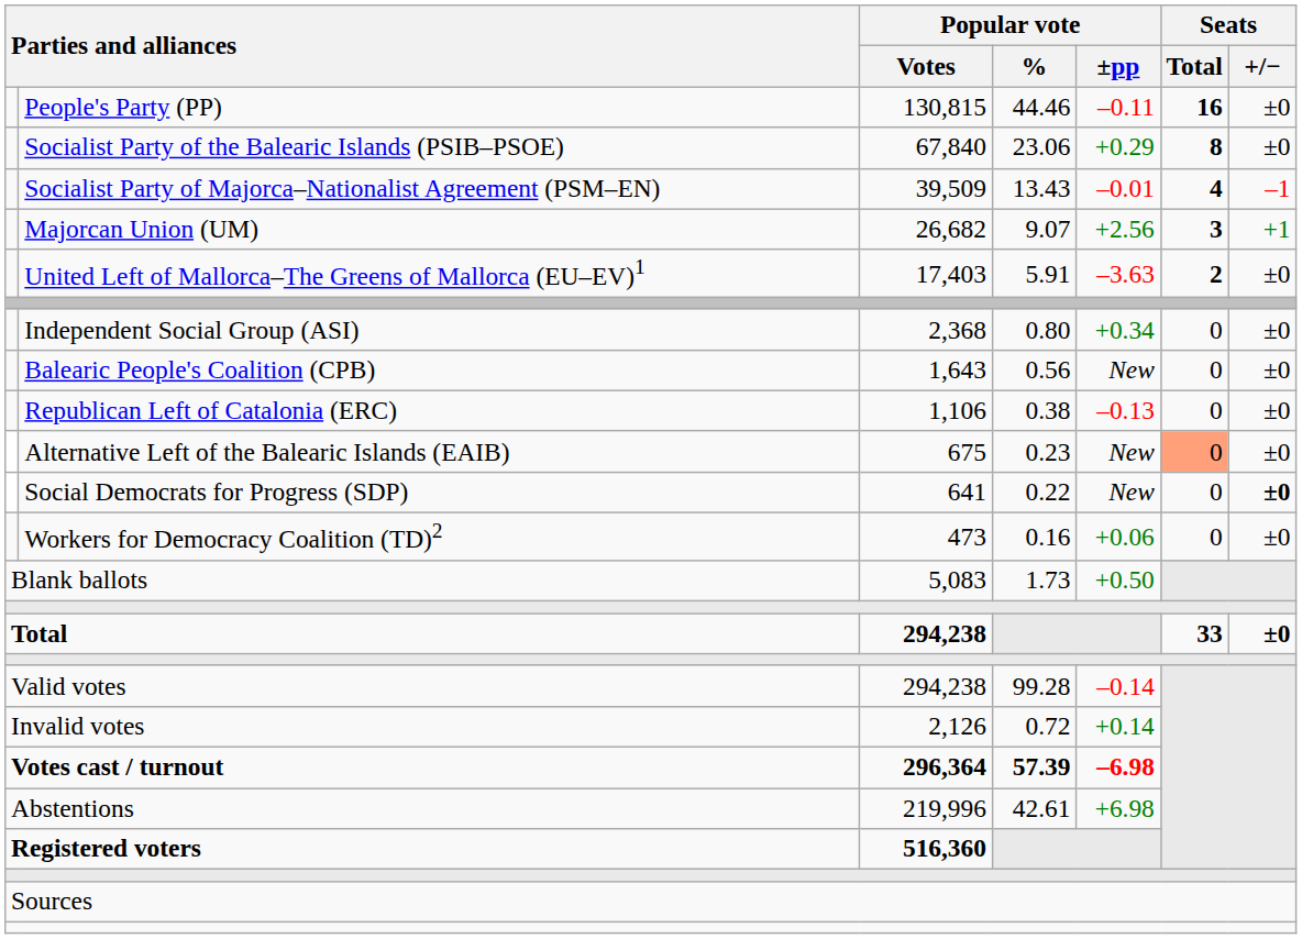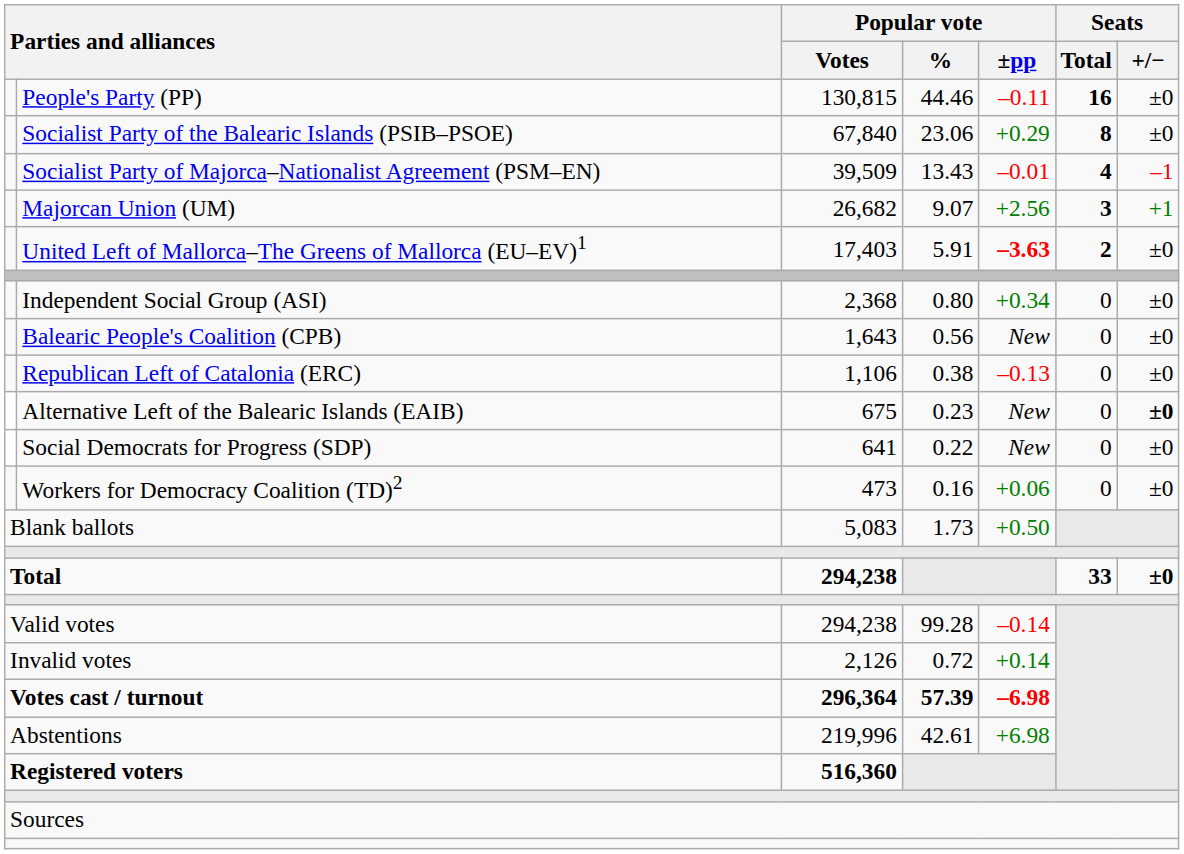 <table class="wikitable" style="text-align:right;">
 <tr>
 <th style="text-align:left;" rowspan="2" colspan="2" width="525">Parties and alliances</th>
 <th colspan="3">Popular vote</th>
 <th colspan="2">Seats</th>
 </tr>
 <tr>
 <th width="75">Votes</th>
 <th width="45">%</th>
 <th width="45">±<a href='#'>pp</a></th>
 <th width="35">Total</th>
 <th width="35">+/−</th>
 </tr>
 <tr>
 <td width="1" style="color:inherit;background:"></td>
 <td align="left"><a href='#'>People's Party</a> (PP)</td>
 <td>130,815</td>
 <td>44.46</td>
 <td style="color:red;">–0.11</td>
 <td><strong>16</strong></td>
 <td>±0</td>
 </tr>
 <tr>
 <td style="color:inherit;background:"></td>
 <td align="left"><a href='#'>Socialist Party of the Balearic Islands</a> (PSIB–PSOE)</td>
 <td>67,840</td>
 <td>23.06</td>
 <td style="color:green;">+0.29</td>
 <td><strong>8</strong></td>
 <td>±0</td>
 </tr>
 <tr>
 <td style="color:inherit;background:"></td>
 <td align="left"><a href='#'>Socialist Party of Majorca</a>–<a href='#'>Nationalist Agreement</a> (PSM–EN)</td>
 <td>39,509</td>
 <td>13.43</td>
 <td style="color:red;">–0.01</td>
 <td><strong>4</strong></td>
 <td style="color:red;">–1</td>
 </tr>
 <tr>
 <td style="color:inherit;background:"></td>
 <td align="left"><a href='#'>Majorcan Union</a> (UM)</td>
 <td>26,682</td>
 <td>9.07</td>
 <td style="color:green;">+2.56</td>
 <td><strong>3</strong></td>
 <td style="color:green;">+1</td>
 </tr>
 <tr>
 <td style="color:inherit;background:"></td>
 <td align="left"><a href='#'>United Left of Mallorca</a>–<a href='#'>The Greens of Mallorca</a> (EU–EV)<sup>1</sup></td>
 <td>17,403</td>
 <td>5.91</td>
-<td style="color:red;">–3.63</td>
+<td style="color:red;"><strong>–3.63</strong></td>
 <td><strong>2</strong></td>
 <td>±0</td>
 </tr>
 <tr>
 <td colspan="7" bgcolor="#C0C0C0"></td>
 </tr>
 <tr>
 <td style="color:inherit;background:"></td>
 <td align="left">Independent Social Group (ASI)</td>
 <td>2,368</td>
 <td>0.80</td>
 <td style="color:green;">+0.34</td>
 <td>0</td>
 <td>±0</td>
 </tr>
 <tr>
 <td style="color:inherit;background:"></td>
 <td align="left"><a href='#'>Balearic People's Coalition</a> (CPB)</td>
 <td>1,643</td>
 <td>0.56</td>
 <td><em>New</em></td>
 <td>0</td>
 <td>±0</td>
 </tr>
 <tr>
 <td style="color:inherit;background:"></td>
 <td align="left"><a href='#'>Republican Left of Catalonia</a> (ERC)</td>
 <td>1,106</td>
 <td>0.38</td>
 <td style="color:red;">–0.13</td>
 <td>0</td>
 <td>±0</td>
 </tr>
 <tr>
 <td bgcolor="white"></td>
 <td align="left">Alternative Left of the Balearic Islands (EAIB)</td>
 <td>675</td>
 <td>0.23</td>
 <td><em>New</em></td>
-<td style="background: lightsalmon;">0</td>
-<td>±0</td>
+<td>0</td>
+<td><strong>±0</strong></td>
 </tr>
 <tr>
 <td bgcolor="white"></td>
 <td align="left">Social Democrats for Progress (SDP)</td>
 <td>641</td>
 <td>0.22</td>
 <td><em>New</em></td>
 <td>0</td>
-<td><strong>±0</strong></td>
+<td>±0</td>
 </tr>
 <tr>
 <td style="color:inherit;background:"></td>
 <td align="left">Workers for Democracy Coalition (TD)<sup>2</sup></td>
 <td>473</td>
 <td>0.16</td>
 <td style="color:green;">+0.06</td>
 <td>0</td>
 <td>±0</td>
 </tr>
 <tr>
 <td align="left" colspan="2">Blank ballots</td>
 <td>5,083</td>
 <td>1.73</td>
 <td style="color:green;">+0.50</td>
 <td bgcolor="#E9E9E9" colspan="2"></td>
 </tr>
 <tr>
 <td colspan="7" bgcolor="#E9E9E9"></td>
 </tr>
 <tr style="font-weight:bold;">
 <td align="left" colspan="2">Total</td>
 <td>294,238</td>
 <td bgcolor="#E9E9E9" colspan="2"></td>
 <td>33</td>
 <td>±0</td>
 </tr>
 <tr>
 <td colspan="7" bgcolor="#E9E9E9"></td>
 </tr>
 <tr>
 <td align="left" colspan="2">Valid votes</td>
 <td>294,238</td>
 <td>99.28</td>
 <td style="color:red;">–0.14</td>
 <td bgcolor="#E9E9E9" colspan="2" rowspan="5"></td>
 </tr>
 <tr>
 <td align="left" colspan="2">Invalid votes</td>
 <td>2,126</td>
 <td>0.72</td>
 <td style="color:green;">+0.14</td>
 </tr>
 <tr style="font-weight:bold;">
 <td align="left" colspan="2">Votes cast / turnout</td>
 <td>296,364</td>
 <td>57.39</td>
 <td style="color:red;">–6.98</td>
 </tr>
 <tr>
 <td align="left" colspan="2">Abstentions</td>
 <td>219,996</td>
 <td>42.61</td>
 <td style="color:green;">+6.98</td>
 </tr>
 <tr style="font-weight:bold;">
 <td align="left" colspan="2">Registered voters</td>
 <td>516,360</td>
 <td bgcolor="#E9E9E9" colspan="2"></td>
 </tr>
 <tr>
 <td colspan="7" bgcolor="#E9E9E9"></td>
 </tr>
 <tr>
 <td align="left" colspan="7">Sources</td>
 </tr>
 <tr>
 <td colspan="7" style="text-align:left; max-width:790px;"></td>
 </tr>
 </table>
